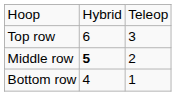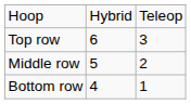 <table class="wikitable">
 <tr>
 <td>Hoop</td>
 <td>Hybrid</td>
 <td>Teleop</td>
 </tr>
 <tr>
 <td>Top row</td>
 <td>6</td>
 <td>3</td>
 </tr>
 <tr>
 <td>Middle row</td>
-<td><strong>5</strong></td>
+<td>5</td>
 <td>2</td>
 </tr>
 <tr>
 <td>Bottom row</td>
 <td>4</td>
 <td>1</td>
 </tr>
 </table>
